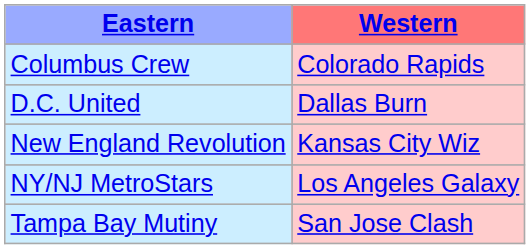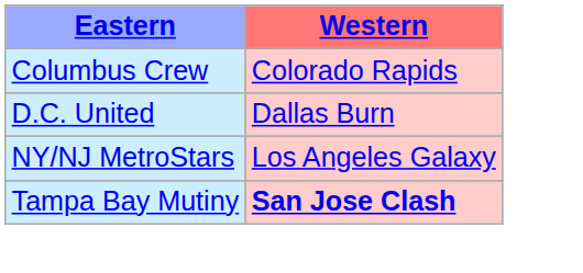 <table class="wikitable">
 <tr>
 <th style="background-color: #9AF;"><a href='#'>Eastern</a></th>
 <th style="background-color: #F77;"><a href='#'>Western</a></th>
 </tr>
 <tr>
 <td style="background-color: #CEF;"><a href='#'>Columbus Crew</a></td>
 <td style="background-color: #FCC;"><a href='#'>Colorado Rapids</a></td>
 </tr>
 <tr>
 <td style="background-color: #CEF;"><a href='#'>D.C. United</a></td>
 <td style="background-color: #FCC;"><a href='#'>Dallas Burn</a></td>
 </tr>
 <tr>
-<td style="background-color: #CEF;"><a href='#'>New England Revolution</a></td>
-<td style="background-color: #FCC;"><a href='#'>Kansas City Wiz</a></td>
-</tr>
-<tr>
 <td style="background-color: #CEF;"><a href='#'>NY/NJ MetroStars</a></td>
 <td style="background-color: #FCC;"><a href='#'>Los Angeles Galaxy</a></td>
 </tr>
 <tr>
 <td style="background-color: #CEF;"><a href='#'>Tampa Bay Mutiny</a></td>
-<td style="background-color: #FCC;"><a href='#'>San Jose Clash</a></td>
+<td style="background-color: #FCC;"><strong><a href='#'>San Jose Clash</a></strong></td>
 </tr>
 </table>
